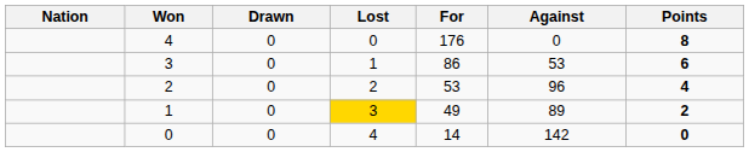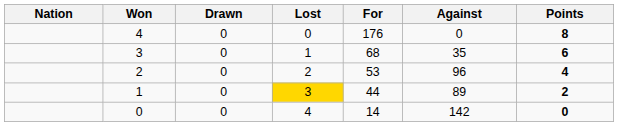 <table class="wikitable" style="width:50%;text-align:center">
 <tr>
 <th>Nation</th>
 <th>Won</th>
 <th>Drawn</th>
 <th>Lost</th>
 <th>For</th>
 <th>Against</th>
 <th>Points</th>
 </tr>
 <tr>
 <td align=left></td>
 <td>4</td>
 <td>0</td>
 <td>0</td>
 <td>176</td>
 <td>0</td>
 <td><strong>8</strong></td>
 </tr>
 <tr>
 <td align=left></td>
 <td>3</td>
 <td>0</td>
 <td>1</td>
-<td>86</td>
-<td>53</td>
+<td>68</td>
+<td>35</td>
 <td><strong>6</strong></td>
 </tr>
 <tr>
 <td align=left></td>
 <td>2</td>
 <td>0</td>
 <td>2</td>
 <td>53</td>
 <td>96</td>
 <td><strong>4</strong></td>
 </tr>
 <tr>
 <td align=left></td>
 <td>1</td>
 <td>0</td>
 <td style="background: gold;">3</td>
-<td>49</td>
+<td>44</td>
 <td>89</td>
 <td><strong>2</strong></td>
 </tr>
 <tr>
 <td align=left></td>
 <td>0</td>
 <td>0</td>
 <td>4</td>
 <td>14</td>
 <td>142</td>
 <td><strong>0</strong></td>
 </tr>
 </table>
